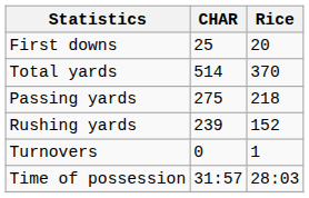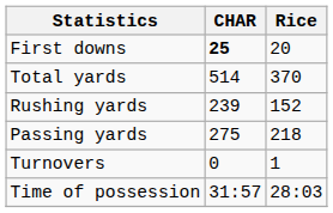 <table class="wikitable" style="float: right;">
 <tr>
 <th>Statistics</th>
 <th>CHAR</th>
 <th>Rice</th>
 </tr>
 <tr>
 <td>First downs</td>
-<td>25</td>
+<td><strong>25</strong></td>
 <td>20</td>
 </tr>
 <tr>
 <td>Total yards</td>
 <td>514</td>
 <td>370</td>
 </tr>
 <tr>
+<td>Rushing yards</td>
+<td>239</td>
+<td>152</td>
+</tr>
+<tr>
 <td>Passing yards</td>
 <td>275</td>
 <td>218</td>
-</tr>
-<tr>
-<td>Rushing yards</td>
-<td>239</td>
-<td>152</td>
 </tr>
 <tr>
 <td>Turnovers</td>
 <td>0</td>
 <td>1</td>
 </tr>
 <tr>
 <td>Time of possession</td>
 <td>31:57</td>
 <td>28:03</td>
 </tr>
 <tr>
 </tr>
 </table>
